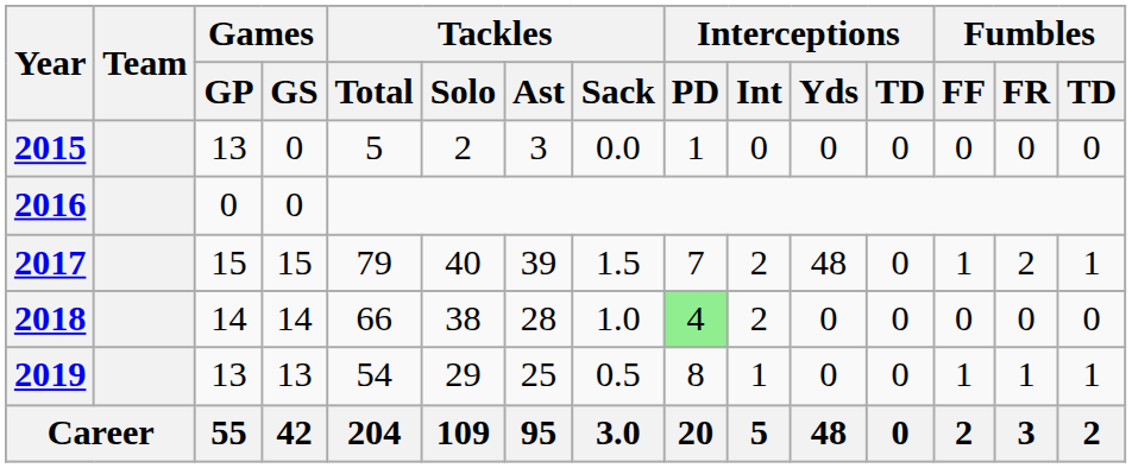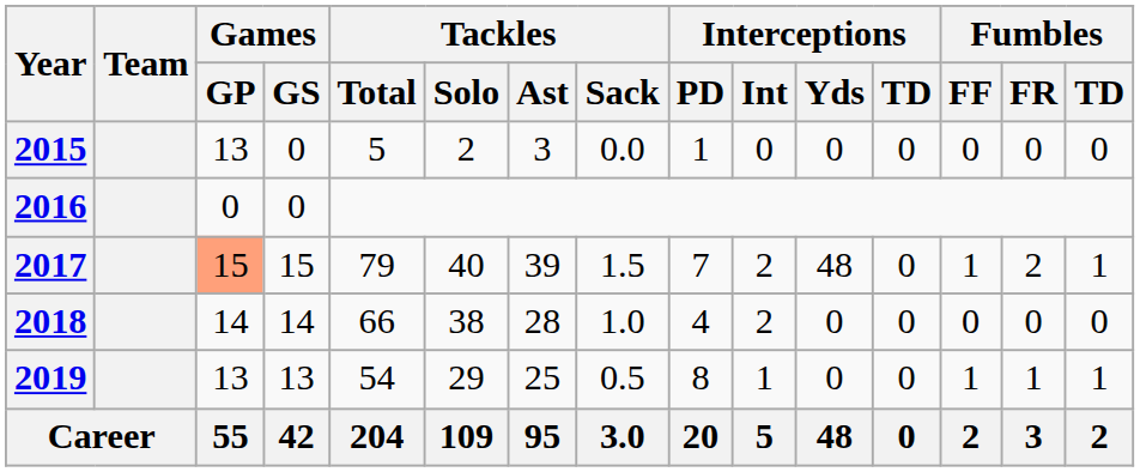 <table class="wikitable" style="text-align:center;">
 <tr>
 <th rowspan="2">Year</th>
 <th rowspan="2">Team</th>
 <th colspan="2">Games</th>
 <th colspan="4">Tackles</th>
 <th colspan="4">Interceptions</th>
 <th colspan="3">Fumbles</th>
 </tr>
 <tr>
 <th>GP</th>
 <th>GS</th>
 <th>Total</th>
 <th>Solo</th>
 <th>Ast</th>
 <th>Sack</th>
 <th>PD</th>
 <th>Int</th>
 <th>Yds</th>
 <th>TD</th>
 <th>FF</th>
 <th>FR</th>
 <th>TD</th>
 </tr>
 <tr>
 <th><a href='#'>2015</a></th>
 <th><a href='#'></a></th>
 <td>13</td>
 <td>0</td>
 <td>5</td>
 <td>2</td>
 <td>3</td>
 <td>0.0</td>
 <td>1</td>
 <td>0</td>
 <td>0</td>
 <td>0</td>
 <td>0</td>
 <td>0</td>
 <td>0</td>
 </tr>
 <tr>
 <th><a href='#'>2016</a></th>
 <th><a href='#'></a></th>
 <td>0</td>
 <td>0</td>
 <td colspan="11"></td>
 </tr>
 <tr>
 <th><a href='#'>2017</a></th>
 <th><a href='#'></a></th>
-<td>15</td>
+<td style="background: lightsalmon;">15</td>
 <td>15</td>
 <td>79</td>
 <td>40</td>
 <td>39</td>
 <td>1.5</td>
 <td>7</td>
 <td>2</td>
 <td>48</td>
 <td>0</td>
 <td>1</td>
 <td>2</td>
 <td>1</td>
 </tr>
 <tr>
 <th><a href='#'>2018</a></th>
 <th><a href='#'></a></th>
 <td>14</td>
 <td>14</td>
 <td>66</td>
 <td>38</td>
 <td>28</td>
 <td>1.0</td>
-<td style="background: lightgreen;">4</td>
+<td>4</td>
 <td>2</td>
 <td>0</td>
 <td>0</td>
 <td>0</td>
 <td>0</td>
 <td>0</td>
 </tr>
 <tr>
 <th><a href='#'>2019</a></th>
 <th><a href='#'></a></th>
 <td>13</td>
 <td>13</td>
 <td>54</td>
 <td>29</td>
 <td>25</td>
 <td>0.5</td>
 <td>8</td>
 <td>1</td>
 <td>0</td>
 <td>0</td>
 <td>1</td>
 <td>1</td>
 <td>1</td>
 </tr>
 <tr>
 <th align=center colspan="2">Career</th>
 <th>55</th>
 <th>42</th>
 <th>204</th>
 <th>109</th>
 <th>95</th>
 <th>3.0</th>
 <th>20</th>
 <th>5</th>
 <th>48</th>
 <th>0</th>
 <th>2</th>
 <th>3</th>
 <th>2</th>
 </tr>
 </table>
